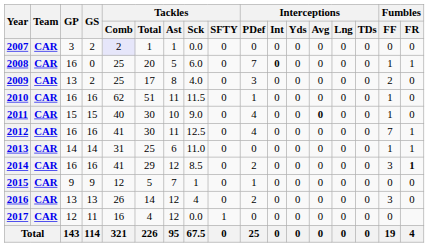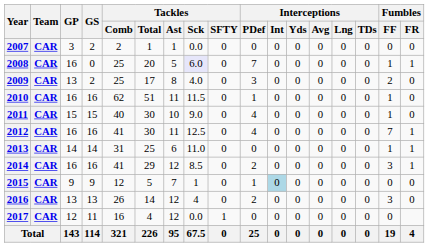 <table class="wikitable" style="text-align: center;">
 <tr>
 <th rowspan="2">Year</th>
 <th rowspan="2">Team</th>
 <th rowspan="2">GP</th>
 <th rowspan="2">GS</th>
 <th colspan="5">Tackles</th>
 <th colspan="6">Interceptions</th>
 <th colspan="2">Fumbles</th>
 </tr>
 <tr>
 <th>Comb</th>
 <th>Total</th>
 <th>Ast</th>
 <th>Sck</th>
 <th>SFTY</th>
 <th>PDef</th>
 <th>Int</th>
 <th>Yds</th>
 <th>Avg</th>
 <th>Lng</th>
 <th>TDs</th>
 <th>FF</th>
 <th>FR</th>
 </tr>
 <tr>
 <th><a href='#'>2007</a></th>
 <th><a href='#'>CAR</a></th>
 <td>3</td>
 <td>2</td>
-<td style="background: lavender;">2</td>
+<td>2</td>
 <td>1</td>
 <td>1</td>
 <td>0.0</td>
 <td>0</td>
 <td>0</td>
 <td>0</td>
 <td>0</td>
 <td>0</td>
 <td>0</td>
 <td>0</td>
 <td>0</td>
 <td>0</td>
 </tr>
 <tr>
 <th><a href='#'>2008</a></th>
 <th><a href='#'>CAR</a></th>
 <td>16</td>
 <td>0</td>
 <td>25</td>
 <td>20</td>
 <td>5</td>
-<td>6.0</td>
+<td style="background: lavender;">6.0</td>
 <td>0</td>
 <td>7</td>
-<td><strong>0</strong></td>
+<td>0</td>
 <td>0</td>
 <td>0</td>
 <td>0</td>
 <td>0</td>
 <td>1</td>
 <td>1</td>
 </tr>
 <tr>
 <th><a href='#'>2009</a></th>
 <th><a href='#'>CAR</a></th>
 <td>13</td>
 <td>2</td>
 <td>25</td>
 <td>17</td>
 <td>8</td>
 <td>4.0</td>
 <td>0</td>
 <td>3</td>
 <td>0</td>
 <td>0</td>
 <td>0</td>
 <td>0</td>
 <td>0</td>
 <td>2</td>
 <td>0</td>
 </tr>
 <tr>
 <th><a href='#'>2010</a></th>
 <th><a href='#'>CAR</a></th>
 <td>16</td>
 <td>16</td>
 <td>62</td>
 <td>51</td>
 <td>11</td>
 <td>11.5</td>
 <td>0</td>
 <td>1</td>
 <td>0</td>
 <td>0</td>
 <td>0</td>
 <td>0</td>
 <td>0</td>
 <td>1</td>
 <td>0</td>
 </tr>
 <tr>
 <th><a href='#'>2011</a></th>
 <th><a href='#'>CAR</a></th>
 <td>15</td>
 <td>15</td>
 <td>40</td>
 <td>30</td>
 <td>10</td>
 <td>9.0</td>
 <td>0</td>
 <td>4</td>
 <td>0</td>
 <td>0</td>
-<td><strong>0</strong></td>
+<td>0</td>
 <td>0</td>
 <td>0</td>
 <td>1</td>
 <td>0</td>
 </tr>
 <tr>
 <th><a href='#'>2012</a></th>
 <th><a href='#'>CAR</a></th>
 <td>16</td>
 <td>16</td>
 <td>41</td>
 <td>30</td>
 <td>11</td>
 <td>12.5</td>
 <td>0</td>
 <td>4</td>
 <td>0</td>
 <td>0</td>
 <td>0</td>
 <td>0</td>
 <td>0</td>
 <td>7</td>
 <td>1</td>
 </tr>
 <tr>
 <th><a href='#'>2013</a></th>
 <th><a href='#'>CAR</a></th>
 <td>14</td>
 <td>14</td>
 <td>31</td>
 <td>25</td>
 <td>6</td>
 <td>11.0</td>
 <td>0</td>
 <td>0</td>
 <td>0</td>
 <td>0</td>
 <td>0</td>
 <td>0</td>
 <td>0</td>
 <td>1</td>
 <td>1</td>
 </tr>
 <tr>
 <th><a href='#'>2014</a></th>
 <th><a href='#'>CAR</a></th>
 <td>16</td>
 <td>16</td>
 <td>41</td>
 <td>29</td>
 <td>12</td>
 <td>8.5</td>
 <td>0</td>
 <td>2</td>
 <td>0</td>
 <td>0</td>
 <td>0</td>
 <td>0</td>
 <td>0</td>
 <td>3</td>
-<td><strong>1</strong></td>
+<td>1</td>
 </tr>
 <tr>
 <th><a href='#'>2015</a></th>
 <th><a href='#'>CAR</a></th>
 <td>9</td>
 <td>9</td>
 <td>12</td>
 <td>5</td>
 <td>7</td>
 <td>1</td>
 <td>0</td>
 <td>1</td>
-<td>0</td>
+<td style="background: lightblue;">0</td>
 <td>0</td>
 <td>0</td>
 <td>0</td>
 <td>0</td>
 <td>0</td>
 <td>0</td>
 </tr>
 <tr>
 <th><a href='#'>2016</a></th>
 <th><a href='#'>CAR</a></th>
 <td>13</td>
 <td>13</td>
 <td>26</td>
 <td>14</td>
 <td>12</td>
 <td>4</td>
 <td>0</td>
 <td>2</td>
 <td>0</td>
 <td>0</td>
 <td>0</td>
 <td>0</td>
 <td>0</td>
 <td>3</td>
 <td>0</td>
 </tr>
 <tr>
 <th><a href='#'>2017</a></th>
 <th><a href='#'>CAR</a></th>
 <td>12</td>
 <td>11</td>
 <td>16</td>
 <td>4</td>
 <td>12</td>
 <td>0.0</td>
 <td>1</td>
 <td>0</td>
 <td>0</td>
 <td>0</td>
 <td>0</td>
 <td>0</td>
 <td>0</td>
 <td>0</td>
 </tr>
 <tr>
 <th colspan="2">Total</th>
 <th>143</th>
 <th>114</th>
 <th>321</th>
 <th>226</th>
 <th>95</th>
 <th>67.5</th>
 <th>0</th>
 <th>25</th>
 <th>0</th>
 <th>0</th>
 <th>0</th>
 <th>0</th>
 <th>0</th>
 <th>19</th>
 <th>4</th>
 </tr>
 </table>
